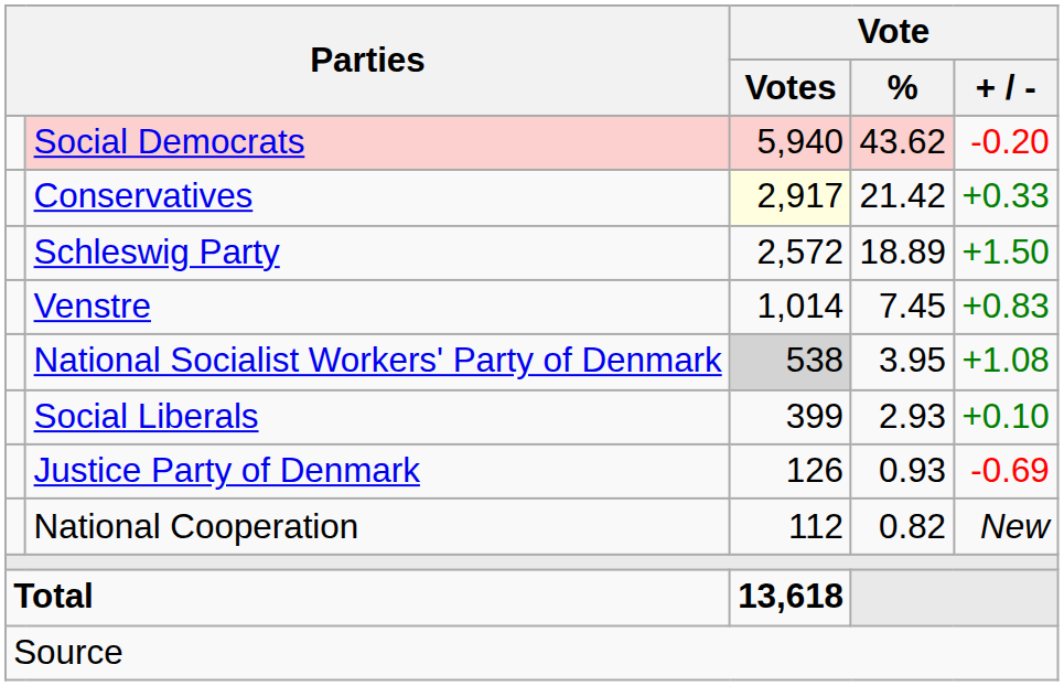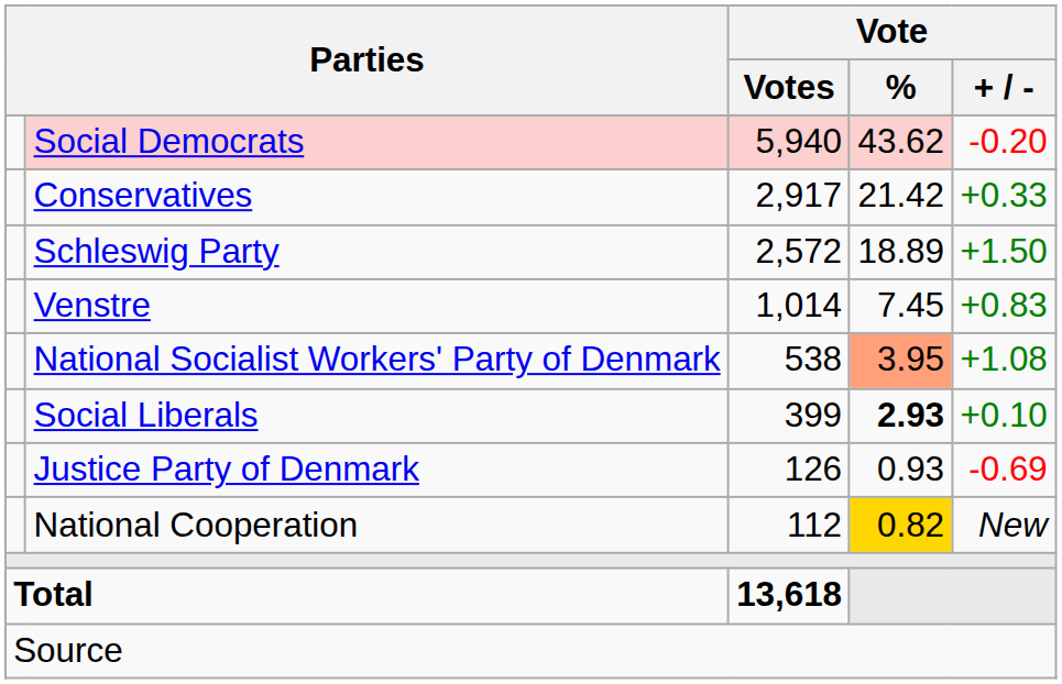 <table class="wikitable" style="text-align:right;">
 <tr>
 <th style="text-align:centre;" rowspan="2" colspan="2" width="225">Parties</th>
 <th colspan="3">Vote</th>
 </tr>
 <tr>
 <th width="15">Votes</th>
 <th width="15">%</th>
 <th width="15">+ / -</th>
 </tr>
 <tr>
 <td width="2" style="color:inherit;background:"></td>
 <td bgcolor=#fbd0ce  align="left"><a href='#'>Social Democrats</a></td>
 <td bgcolor=#fbd0ce>5,940</td>
 <td bgcolor=#fbd0ce>43.62</td>
 <td style=color:red;>-0.20</td>
 </tr>
 <tr>
 <td width="2" style="color:inherit;background:"></td>
 <td align="left"><a href='#'>Conservatives</a></td>
-<td style="background: lightyellow;">2,917</td>
+<td>2,917</td>
 <td>21.42</td>
 <td style=color:green;>+0.33</td>
 </tr>
 <tr>
 <td width="2" style="color:inherit;background:"></td>
 <td align="left"><a href='#'>Schleswig Party</a></td>
 <td>2,572</td>
 <td>18.89</td>
 <td style=color:green;>+1.50</td>
 </tr>
 <tr>
 <td width="2" style="color:inherit;background:"></td>
 <td align="left"><a href='#'>Venstre</a></td>
 <td>1,014</td>
 <td>7.45</td>
 <td style=color:green;>+0.83</td>
 </tr>
 <tr>
 <td width="2" style="color:inherit;background:"></td>
 <td align="left"><a href='#'>National Socialist Workers' Party of Denmark</a></td>
-<td style="background: lightgrey;">538</td>
-<td>3.95</td>
+<td>538</td>
+<td style="background: lightsalmon;">3.95</td>
 <td style=color:green;>+1.08</td>
 </tr>
 <tr>
 <td width="2" style="color:inherit;background:"></td>
 <td align="left"><a href='#'>Social Liberals</a></td>
 <td>399</td>
-<td>2.93</td>
+<td><strong>2.93</strong></td>
 <td style=color:green;>+0.10</td>
 </tr>
 <tr>
 <td width="2" style="color:inherit;background:"></td>
 <td align="left"><a href='#'>Justice Party of Denmark</a></td>
 <td>126</td>
 <td>0.93</td>
 <td style=color:red;>-0.69</td>
 </tr>
 <tr>
 <td width="2" style="color:inherit;background:"></td>
 <td align="left">National Cooperation</td>
 <td>112</td>
-<td>0.82</td>
+<td style="background: gold;">0.82</td>
 <td><em>New</em></td>
 </tr>
 <tr>
 <td colspan="7" bgcolor="#E9E9E9"></td>
 </tr>
 <tr>
 <td align="left" colspan="2"><strong>Total</strong></td>
 <td><strong>13,618</strong></td>
 <td bgcolor="#E9E9E9" colspan="2"></td>
 </tr>
 <tr>
 <td align="left" colspan="6">Source</td>
 </tr>
 </table>
